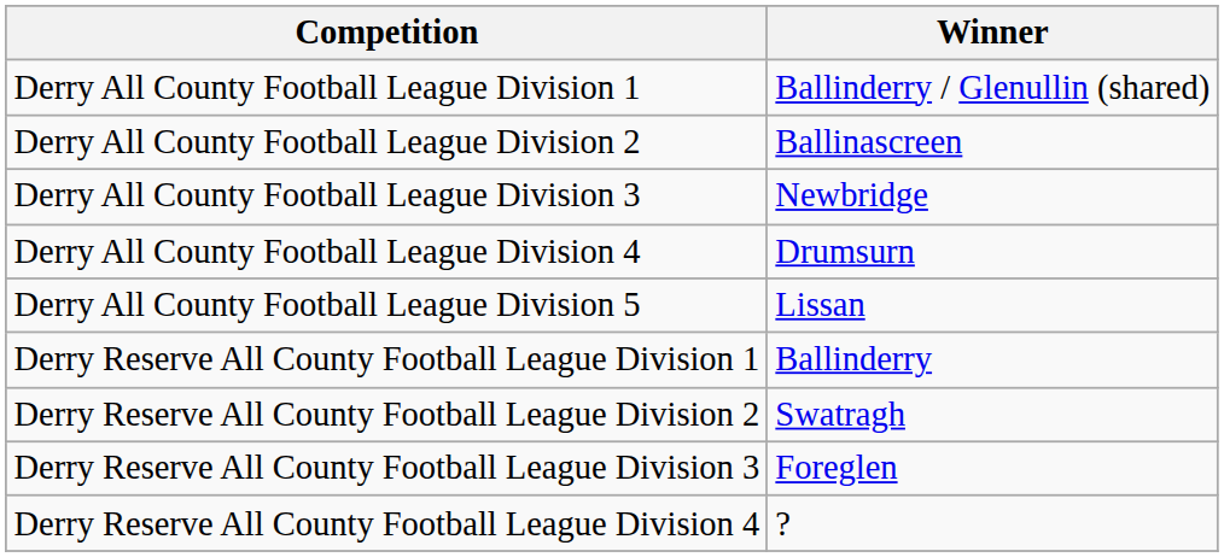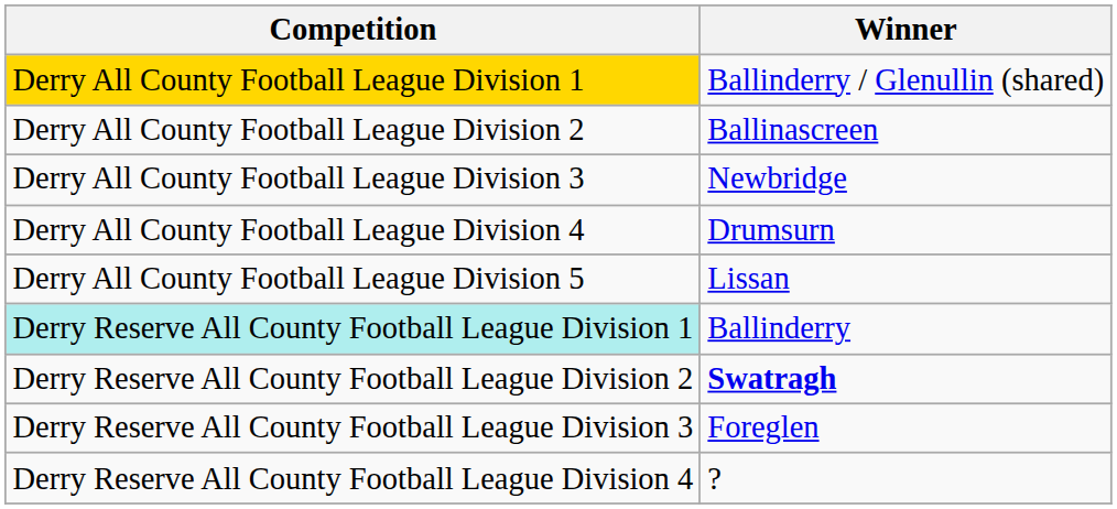 <table class="wikitable">
 <tr>
 <th>Competition</th>
 <th>Winner</th>
 </tr>
 <tr>
-<td>Derry All County Football League Division 1</td>
+<td style="background: gold;">Derry All County Football League Division 1</td>
 <td><a href='#'>Ballinderry</a> / <a href='#'>Glenullin</a> (shared)</td>
 </tr>
 <tr>
 <td>Derry All County Football League Division 2</td>
 <td><a href='#'>Ballinascreen</a></td>
 </tr>
 <tr>
 <td>Derry All County Football League Division 3</td>
 <td><a href='#'>Newbridge</a></td>
 </tr>
 <tr>
 <td>Derry All County Football League Division 4</td>
 <td><a href='#'>Drumsurn</a></td>
 </tr>
 <tr>
 <td>Derry All County Football League Division 5</td>
 <td><a href='#'>Lissan</a></td>
 </tr>
 <tr>
-<td>Derry Reserve All County Football League Division 1</td>
+<td style="background: paleturquoise;">Derry Reserve All County Football League Division 1</td>
 <td><a href='#'>Ballinderry</a></td>
 </tr>
 <tr>
 <td>Derry Reserve All County Football League Division 2</td>
-<td><a href='#'>Swatragh</a></td>
+<td><strong><a href='#'>Swatragh</a></strong></td>
 </tr>
 <tr>
 <td>Derry Reserve All County Football League Division 3</td>
 <td><a href='#'>Foreglen</a></td>
 </tr>
 <tr>
 <td>Derry Reserve All County Football League Division 4</td>
 <td>?</td>
 </tr>
 </table>
